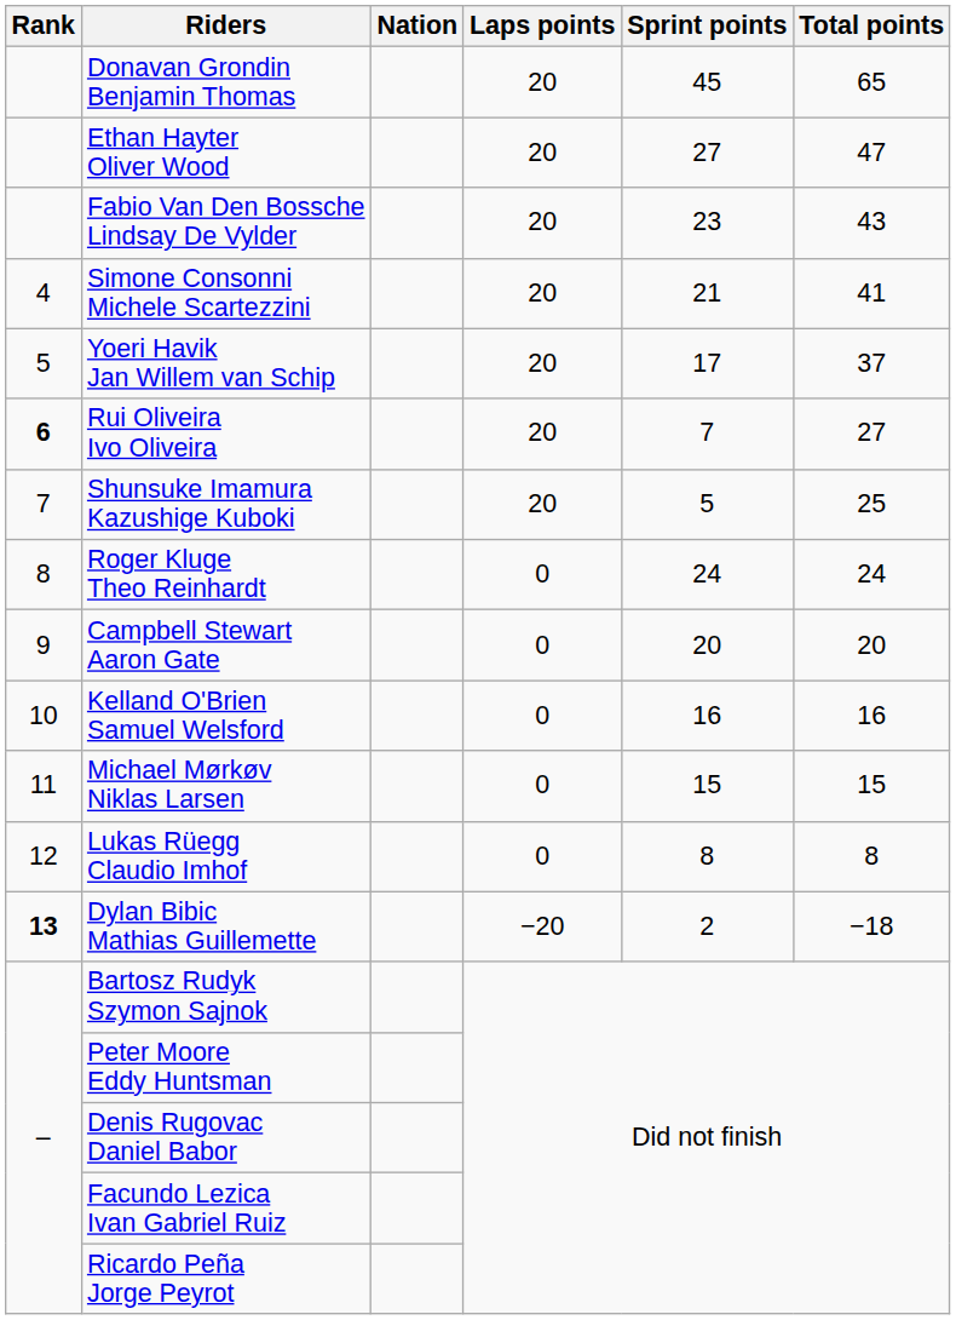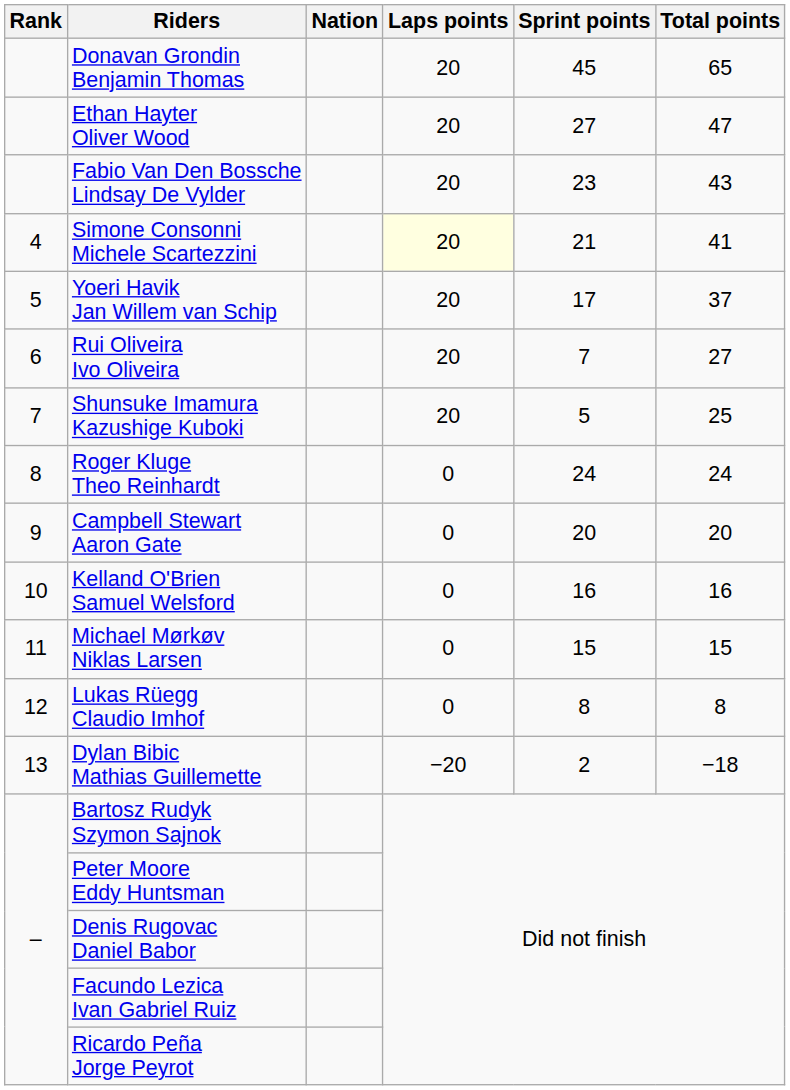 <table class="wikitable sortable" style="text-align:center">
 <tr>
 <th>Rank</th>
 <th>Riders</th>
 <th>Nation</th>
 <th>Laps points</th>
 <th>Sprint points</th>
 <th>Total points</th>
 </tr>
 <tr>
 <td></td>
 <td align=left><a href='#'>Donavan Grondin</a><br><a href='#'>Benjamin Thomas</a></td>
 <td align=left></td>
 <td>20</td>
 <td>45</td>
 <td>65</td>
 </tr>
 <tr>
 <td></td>
 <td align=left><a href='#'>Ethan Hayter</a><br><a href='#'>Oliver Wood</a></td>
 <td align=left></td>
 <td>20</td>
 <td>27</td>
 <td>47</td>
 </tr>
 <tr>
 <td></td>
 <td align=left><a href='#'>Fabio Van Den Bossche</a><br><a href='#'>Lindsay De Vylder</a></td>
 <td align=left></td>
 <td>20</td>
 <td>23</td>
 <td>43</td>
 </tr>
 <tr>
 <td>4</td>
 <td align=left><a href='#'>Simone Consonni</a><br><a href='#'>Michele Scartezzini</a></td>
 <td align=left></td>
-<td>20</td>
+<td style="background: lightyellow;">20</td>
 <td>21</td>
 <td>41</td>
 </tr>
 <tr>
 <td>5</td>
 <td align=left><a href='#'>Yoeri Havik</a><br><a href='#'>Jan Willem van Schip</a></td>
 <td align=left></td>
 <td>20</td>
 <td>17</td>
 <td>37</td>
 </tr>
 <tr>
-<td><strong>6</strong></td>
+<td>6</td>
 <td align=left><a href='#'>Rui Oliveira</a><br><a href='#'>Ivo Oliveira</a></td>
 <td align=left></td>
 <td>20</td>
 <td>7</td>
 <td>27</td>
 </tr>
 <tr>
 <td>7</td>
 <td align=left><a href='#'>Shunsuke Imamura</a><br><a href='#'>Kazushige Kuboki</a></td>
 <td align=left></td>
 <td>20</td>
 <td>5</td>
 <td>25</td>
 </tr>
 <tr>
 <td>8</td>
 <td align=left><a href='#'>Roger Kluge</a><br><a href='#'>Theo Reinhardt</a></td>
 <td align=left></td>
 <td>0</td>
 <td>24</td>
 <td>24</td>
 </tr>
 <tr>
 <td>9</td>
 <td align=left><a href='#'>Campbell Stewart</a><br><a href='#'>Aaron Gate</a></td>
 <td align=left></td>
 <td>0</td>
 <td>20</td>
 <td>20</td>
 </tr>
 <tr>
 <td>10</td>
 <td align=left><a href='#'>Kelland O'Brien</a><br><a href='#'>Samuel Welsford</a></td>
 <td align=left></td>
 <td>0</td>
 <td>16</td>
 <td>16</td>
 </tr>
 <tr>
 <td>11</td>
 <td align=left><a href='#'>Michael Mørkøv</a><br><a href='#'>Niklas Larsen</a></td>
 <td align=left></td>
 <td>0</td>
 <td>15</td>
 <td>15</td>
 </tr>
 <tr>
 <td>12</td>
 <td align=left><a href='#'>Lukas Rüegg</a><br><a href='#'>Claudio Imhof</a></td>
 <td align=left></td>
 <td>0</td>
 <td>8</td>
 <td>8</td>
 </tr>
 <tr>
-<td><strong>13</strong></td>
+<td>13</td>
 <td align=left><a href='#'>Dylan Bibic</a><br><a href='#'>Mathias Guillemette</a></td>
 <td align=left></td>
 <td>−20</td>
 <td>2</td>
 <td>−18</td>
 </tr>
 <tr>
 <td rowspan=5>–</td>
 <td align=left><a href='#'>Bartosz Rudyk</a><br><a href='#'>Szymon Sajnok</a></td>
 <td align=left></td>
 <td rowspan=5 colspan=3>Did not finish</td>
 </tr>
 <tr>
 <td align=left><a href='#'>Peter Moore</a><br><a href='#'>Eddy Huntsman</a></td>
 <td align=left></td>
 </tr>
 <tr>
 <td align=left><a href='#'>Denis Rugovac</a><br><a href='#'>Daniel Babor</a></td>
 <td align=left></td>
 </tr>
 <tr>
 <td align=left><a href='#'>Facundo Lezica</a><br><a href='#'>Ivan Gabriel Ruiz</a></td>
 <td align=left></td>
 </tr>
 <tr>
 <td align=left><a href='#'>Ricardo Peña</a><br><a href='#'>Jorge Peyrot</a></td>
 <td align=left></td>
 </tr>
 </table>
